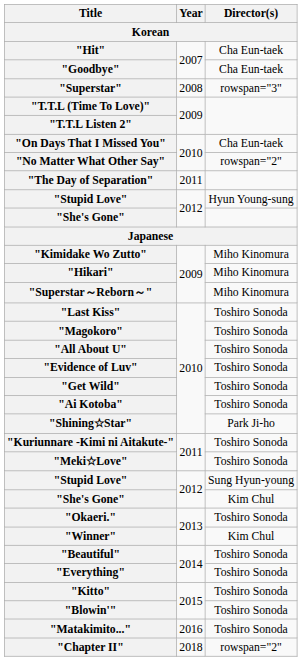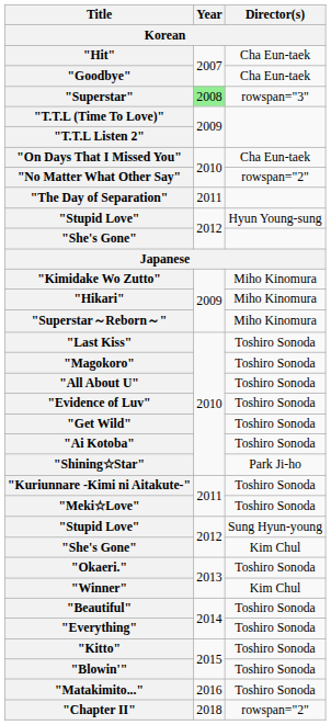 <table class="wikitable plainrowheaders" style="text-align:center;">
 <tr>
 <th scope="col">Title</th>
 <th scope="col">Year</th>
 <th scope="col">Director(s)</th>
 </tr>
 <tr>
 <th colspan="3">Korean</th>
 </tr>
 <tr>
 <th scope="row">"Hit"</th>
 <td rowspan="2">2007</td>
 <td>Cha Eun-taek</td>
 </tr>
 <tr>
 <th scope="row">"Goodbye"</th>
 <td>Cha Eun-taek</td>
 </tr>
 <tr>
 <th scope="row">"Superstar"</th>
-<td>2008</td>
+<td style="background: lightgreen;">2008</td>
 <td>rowspan="3" </td>
 </tr>
 <tr>
 <th scope="row">"T.T.L (Time To Love)"</th>
 <td rowspan="2">2009</td>
 </tr>
 <tr>
 <th scope="row">"T.T.L Listen 2"</th>
 </tr>
 <tr>
 <th scope="row">"On Days That I Missed You"</th>
 <td rowspan="2">2010</td>
 <td>Cha Eun-taek</td>
 </tr>
 <tr>
 <th scope="row">"No Matter What Other Say"</th>
 <td>rowspan="2" </td>
 </tr>
 <tr>
 <th scope="row">"The Day of Separation"</th>
 <td>2011</td>
 </tr>
 <tr>
 <th scope="row">"Stupid Love"</th>
 <td rowspan="2">2012</td>
 <td>Hyun Young-sung</td>
 </tr>
 <tr>
 <th scope="row">"She's Gone"</th>
 <td></td>
 </tr>
 <tr>
 <th colspan="3">Japanese</th>
 </tr>
 <tr>
 <th scope="row">"Kimidake Wo Zutto"</th>
 <td rowspan="3">2009</td>
 <td>Miho Kinomura</td>
 </tr>
 <tr>
 <th scope="row">"Hikari"</th>
 <td>Miho Kinomura</td>
 </tr>
 <tr>
 <th scope="row">"Superstar～Reborn～"</th>
 <td>Miho Kinomura</td>
 </tr>
 <tr>
 <th scope="row">"Last Kiss"</th>
 <td rowspan="7">2010</td>
 <td>Toshiro Sonoda</td>
 </tr>
 <tr>
 <th scope="row">"Magokoro"</th>
 <td>Toshiro Sonoda</td>
 </tr>
 <tr>
 <th scope="row">"All About U"</th>
 <td>Toshiro Sonoda</td>
 </tr>
 <tr>
 <th scope="row">"Evidence of Luv"</th>
 <td>Toshiro Sonoda</td>
 </tr>
 <tr>
 <th scope="row">"Get Wild"</th>
 <td>Toshiro Sonoda</td>
 </tr>
 <tr>
 <th scope="row">"Ai Kotoba"</th>
 <td>Toshiro Sonoda</td>
 </tr>
 <tr>
 <th scope="row">"Shining☆Star"</th>
 <td>Park Ji-ho</td>
 </tr>
 <tr>
 <th scope="row">"Kuriunnare -Kimi ni Aitakute-"</th>
 <td rowspan="2">2011</td>
 <td>Toshiro Sonoda</td>
 </tr>
 <tr>
 <th scope="row">"Meki☆Love"</th>
 <td>Toshiro Sonoda</td>
 </tr>
 <tr>
 <th scope="row">"Stupid Love"</th>
 <td rowspan="2">2012</td>
 <td>Sung Hyun-young</td>
 </tr>
 <tr>
 <th scope="row">"She's Gone"</th>
 <td>Kim Chul</td>
 </tr>
 <tr>
 <th scope="row">"Okaeri."</th>
 <td rowspan="2">2013</td>
 <td>Toshiro Sonoda</td>
 </tr>
 <tr>
 <th scope="row">"Winner"</th>
 <td>Kim Chul</td>
 </tr>
 <tr>
 <th scope="row">"Beautiful"</th>
 <td rowspan="2">2014</td>
 <td>Toshiro Sonoda</td>
 </tr>
 <tr>
 <th scope="row">"Everything"</th>
 <td>Toshiro Sonoda</td>
 </tr>
 <tr>
 <th scope="row">"Kitto"</th>
 <td rowspan="2">2015</td>
 <td>Toshiro Sonoda</td>
 </tr>
 <tr>
 <th scope="row">"Blowin'"</th>
 <td>Toshiro Sonoda</td>
 </tr>
 <tr>
 <th scope="row">"Matakimito..."</th>
 <td>2016</td>
 <td>Toshiro Sonoda</td>
 </tr>
 <tr>
 <th scope="row">"Chapter II"</th>
 <td>2018</td>
 <td>rowspan="2" </td>
 </tr>
 </table>
